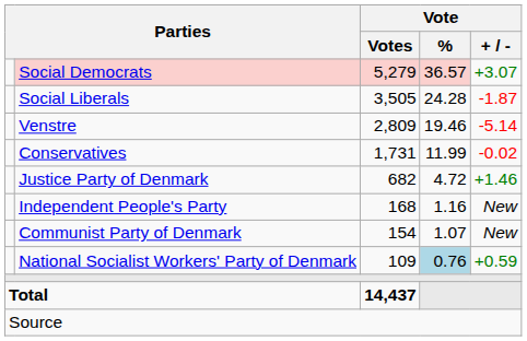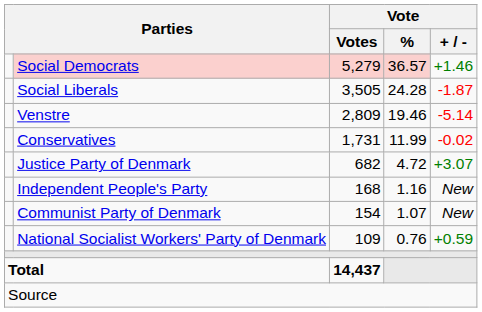 <table class="wikitable" style="text-align:right;">
 <tr>
 <th style="text-align:centre;" rowspan="2" colspan="2" width="225">Parties</th>
 <th colspan="3">Vote</th>
 </tr>
 <tr>
 <th width="15">Votes</th>
 <th width="15">%</th>
 <th width="15">+ / -</th>
 </tr>
 <tr>
 <td width="2" style="color:inherit;background:"></td>
 <td bgcolor=#fbd0ce  align="left"><a href='#'>Social Democrats</a></td>
 <td bgcolor=#fbd0ce>5,279</td>
 <td bgcolor=#fbd0ce>36.57</td>
-<td style=color:green;>+3.07</td>
+<td style=color:green;>+1.46</td>
 </tr>
 <tr>
 <td width="2" style="color:inherit;background:"></td>
 <td align="left"><a href='#'>Social Liberals</a></td>
 <td>3,505</td>
 <td>24.28</td>
 <td style=color:red;>-1.87</td>
 </tr>
 <tr>
 <td width="2" style="color:inherit;background:"></td>
 <td align="left"><a href='#'>Venstre</a></td>
 <td>2,809</td>
 <td>19.46</td>
 <td style=color:red;>-5.14</td>
 </tr>
 <tr>
 <td width="2" style="color:inherit;background:"></td>
 <td align="left"><a href='#'>Conservatives</a></td>
 <td>1,731</td>
 <td>11.99</td>
 <td style=color:red;>-0.02</td>
 </tr>
 <tr>
 <td width="2" style="color:inherit;background:"></td>
 <td align="left"><a href='#'>Justice Party of Denmark</a></td>
 <td>682</td>
 <td>4.72</td>
-<td style=color:green;>+1.46</td>
+<td style=color:green;>+3.07</td>
 </tr>
 <tr>
 <td width="2" style="color:inherit;background:"></td>
 <td align="left"><a href='#'>Independent People's Party</a></td>
 <td>168</td>
 <td>1.16</td>
 <td><em>New</em></td>
 </tr>
 <tr>
 <td width="2" style="color:inherit;background:"></td>
 <td align="left"><a href='#'>Communist Party of Denmark</a></td>
 <td>154</td>
 <td>1.07</td>
 <td><em>New</em></td>
 </tr>
 <tr>
 <td width="2" style="color:inherit;background:"></td>
 <td align="left"><a href='#'>National Socialist Workers' Party of Denmark</a></td>
 <td>109</td>
-<td style="background: lightblue;">0.76</td>
+<td>0.76</td>
 <td style=color:green;>+0.59</td>
 </tr>
 <tr>
 <td colspan="7" bgcolor="#E9E9E9"></td>
 </tr>
 <tr>
 <td align="left" colspan="2"><strong>Total</strong></td>
 <td><strong>14,437</strong></td>
 <td bgcolor="#E9E9E9" colspan="2"></td>
 </tr>
 <tr>
 <td align="left" colspan="6">Source</td>
 </tr>
 </table>
